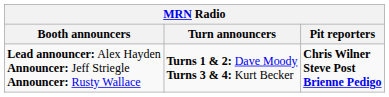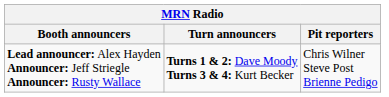 <table class="wikitable" style="font-size: 95%">
 <tr>
 <th colspan="3"><a href='#'>MRN</a> Radio</th>
 </tr>
 <tr>
 <th>Booth announcers</th>
 <th>Turn announcers</th>
 <th>Pit reporters</th>
 </tr>
 <tr>
 <td><strong>Lead announcer:</strong> Alex Hayden<br><strong>Announcer:</strong> Jeff Striegle<br><strong>Announcer:</strong> <a href='#'>Rusty Wallace</a></td>
 <td><strong>Turns 1 & 2:</strong> <a href='#'>Dave Moody</a><br><strong>Turns 3 & 4:</strong> Kurt Becker</td>
-<td><strong>Chris Wilner<br>Steve Post<br><a href='#'>Brienne Pedigo</a></strong></td>
+<td>Chris Wilner<br>Steve Post<br><a href='#'>Brienne Pedigo</a></td>
 </tr>
 </table>
